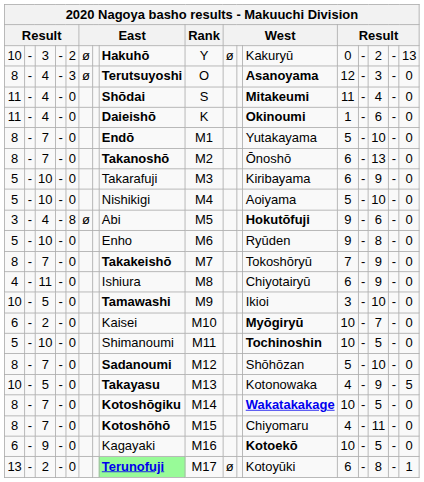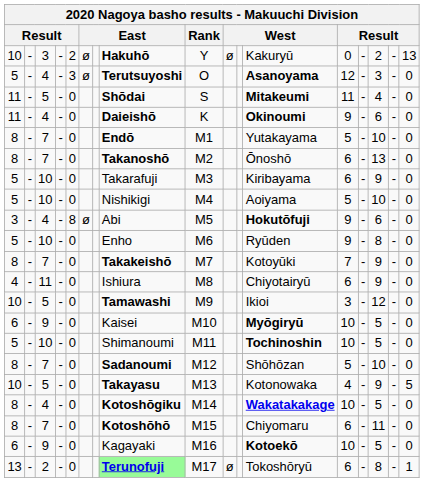 <table class="wikitable">
 <tr>
 <th colspan="17">2020 Nagoya basho results  - Makuuchi Division</th>
 </tr>
 <tr>
 <th colspan="5">Result</th>
 <th colspan="3">East</th>
 <th>Rank</th>
 <th colspan="3">West</th>
 <th colspan="5">Result</th>
 </tr>
 <tr>
 <td align=center>10</td>
 <td align=center>-</td>
 <td align=center>3</td>
 <td align=center>-</td>
 <td align=center>2</td>
 <td align=center>ø</td>
 <td align=center></td>
 <td><strong>Hakuhō</strong></td>
 <td align=center>Y</td>
 <td align=center>ø</td>
 <td align=center></td>
 <td>Kakuryū</td>
 <td align=center>0</td>
 <td align=center>-</td>
 <td align=center>2</td>
 <td align=center>-</td>
 <td align=center>13</td>
 </tr>
 <tr>
-<td align=center>8</td>
+<td align=center>5</td>
 <td align=center>-</td>
 <td align=center>4</td>
 <td align=center>-</td>
 <td align=center>3</td>
 <td align=center>ø</td>
 <td align=center></td>
 <td><strong>Terutsuyoshi</strong></td>
 <td align=center>O</td>
 <td align=center></td>
 <td align=center></td>
 <td><strong>Asanoyama</strong></td>
 <td align=center>12</td>
 <td align=center>-</td>
 <td align=center>3</td>
 <td align=center>-</td>
 <td align=center>0</td>
 </tr>
 <tr>
 <td align=center>11</td>
 <td align=center>-</td>
-<td align=center>4</td>
+<td align=center>5</td>
 <td align=center>-</td>
 <td align=center>0</td>
 <td align=center></td>
 <td align=center></td>
 <td><strong>Shōdai</strong></td>
 <td align=center>S</td>
 <td align=center></td>
 <td align=center></td>
 <td><strong>Mitakeumi</strong></td>
 <td align=center>11</td>
 <td align=center>-</td>
 <td align=center>4</td>
 <td align=center>-</td>
 <td align=center>0</td>
 </tr>
 <tr>
 <td align=center>11</td>
 <td align=center>-</td>
 <td align=center>4</td>
 <td align=center>-</td>
 <td align=center>0</td>
 <td align=center></td>
 <td align=center></td>
 <td><strong>Daieishō</strong></td>
 <td align=center>K</td>
 <td align=center></td>
 <td align=center></td>
 <td><strong>Okinoumi</strong></td>
-<td align=center>1</td>
+<td align=center>9</td>
 <td align=center>-</td>
 <td align=center>6</td>
 <td align=center>-</td>
 <td align=center>0</td>
 </tr>
 <tr>
 <td align=center>8</td>
 <td align=center>-</td>
 <td align=center>7</td>
 <td align=center>-</td>
 <td align=center>0</td>
 <td align=center></td>
 <td align=center></td>
 <td><strong>Endō</strong></td>
 <td align=center>M1</td>
 <td align=center></td>
 <td align=center></td>
 <td>Yutakayama</td>
 <td align=center>5</td>
 <td align=center>-</td>
 <td align=center>10</td>
 <td align=center>-</td>
 <td align=center>0</td>
 </tr>
 <tr>
 <td align=center>8</td>
 <td align=center>-</td>
 <td align=center>7</td>
 <td align=center>-</td>
 <td align=center>0</td>
 <td align=center></td>
 <td align=center></td>
 <td><strong>Takanoshō</strong></td>
 <td align=center>M2</td>
 <td align=center></td>
 <td align=center></td>
 <td>Ōnoshō</td>
 <td align=center>6</td>
 <td align=center>-</td>
 <td align=center>13</td>
 <td align=center>-</td>
 <td align=center>0</td>
 </tr>
 <tr>
 <td align=center>5</td>
 <td align=center>-</td>
 <td align=center>10</td>
 <td align=center>-</td>
 <td align=center>0</td>
 <td align=center></td>
 <td align=center></td>
 <td>Takarafuji</td>
 <td align=center>M3</td>
 <td align=center></td>
 <td align=center></td>
 <td>Kiribayama</td>
 <td align=center>6</td>
 <td align=center>-</td>
 <td align=center>9</td>
 <td align=center>-</td>
 <td align=center>0</td>
 </tr>
 <tr>
 <td align=center>5</td>
 <td align=center>-</td>
 <td align=center>10</td>
 <td align=center>-</td>
 <td align=center>0</td>
 <td align=center></td>
 <td align=center></td>
 <td>Nishikigi</td>
 <td align=center>M4</td>
 <td align=center></td>
 <td align=center></td>
 <td>Aoiyama</td>
 <td align=center>5</td>
 <td align=center>-</td>
 <td align=center>10</td>
 <td align=center>-</td>
 <td align=center>0</td>
 </tr>
 <tr>
 <td align=center>3</td>
 <td align=center>-</td>
 <td align=center>4</td>
 <td align=center>-</td>
 <td align=center>8</td>
 <td align=center>ø</td>
 <td align=center></td>
 <td>Abi</td>
 <td align=center>M5</td>
 <td align=center></td>
 <td align=center></td>
 <td><strong>Hokutōfuji</strong></td>
 <td align=center>9</td>
 <td align=center>-</td>
 <td align=center>6</td>
 <td align=center>-</td>
 <td align=center>0</td>
 </tr>
 <tr>
 <td align=center>5</td>
 <td align=center>-</td>
 <td align=center>10</td>
 <td align=center>-</td>
 <td align=center>0</td>
 <td align=center></td>
 <td align=center></td>
 <td>Enho</td>
 <td align=center>M6</td>
 <td align=center></td>
 <td align=center></td>
 <td>Ryūden</td>
 <td align=center>9</td>
 <td align=center>-</td>
 <td align=center>8</td>
 <td align=center>-</td>
 <td align=center>0</td>
 </tr>
 <tr>
 <td align=center>8</td>
 <td align=center>-</td>
 <td align=center>7</td>
 <td align=center>-</td>
 <td align=center>0</td>
 <td align=center></td>
 <td align=center></td>
 <td><strong>Takakeishō</strong></td>
 <td align=center>M7</td>
 <td align=center></td>
 <td align=center></td>
-<td>Tokoshōryū</td>
+<td>Kotoyūki</td>
 <td align=center>7</td>
 <td align=center>-</td>
 <td align=center>9</td>
 <td align=center>-</td>
 <td align=center>0</td>
 </tr>
 <tr>
 <td align=center>4</td>
 <td align=center>-</td>
 <td align=center>11</td>
 <td align=center>-</td>
 <td align=center>0</td>
 <td align=center></td>
 <td align=center></td>
 <td>Ishiura</td>
 <td align=center>M8</td>
 <td align=center></td>
 <td align=center></td>
 <td>Chiyotairyū</td>
 <td align=center>6</td>
 <td align=center>-</td>
 <td align=center>9</td>
 <td align=center>-</td>
 <td align=center>0</td>
 </tr>
 <tr>
 <td align=center>10</td>
 <td align=center>-</td>
 <td align=center>5</td>
 <td align=center>-</td>
 <td align=center>0</td>
 <td align=center></td>
 <td align=center></td>
 <td><strong>Tamawashi</strong></td>
 <td align=center>M9</td>
 <td align=center></td>
 <td align=center></td>
 <td>Ikioi</td>
 <td align=center>3</td>
 <td align=center>-</td>
-<td align=center>10</td>
+<td align=center>12</td>
 <td align=center>-</td>
 <td align=center>0</td>
 </tr>
 <tr>
 <td align=center>6</td>
 <td align=center>-</td>
-<td align=center>2</td>
+<td align=center>9</td>
 <td align=center>-</td>
 <td align=center>0</td>
 <td align=center></td>
 <td align=center></td>
 <td>Kaisei</td>
 <td align=center>M10</td>
 <td align=center></td>
 <td align=center></td>
 <td><strong>Myōgiryū</strong></td>
 <td align=center>10</td>
 <td align=center>-</td>
-<td align=center>7</td>
+<td align=center>5</td>
 <td align=center>-</td>
 <td align=center>0</td>
 </tr>
 <tr>
 <td align=center>5</td>
 <td align=center>-</td>
 <td align=center>10</td>
 <td align=center>-</td>
 <td align=center>0</td>
 <td align=center></td>
 <td align=center></td>
 <td>Shimanoumi</td>
 <td align=center>M11</td>
 <td align=center></td>
 <td align=center></td>
 <td><strong>Tochinoshin</strong></td>
 <td align=center>10</td>
 <td align=center>-</td>
 <td align=center>5</td>
 <td align=center>-</td>
 <td align=center>0</td>
 </tr>
 <tr>
 <td align=center>8</td>
 <td align=center>-</td>
 <td align=center>7</td>
 <td align=center>-</td>
 <td align=center>0</td>
 <td align=center></td>
 <td align=center></td>
 <td><strong>Sadanoumi</strong></td>
 <td align=center>M12</td>
 <td align=center></td>
 <td align=center></td>
 <td>Shōhōzan</td>
 <td align=center>5</td>
 <td align=center>-</td>
 <td align=center>10</td>
 <td align=center>-</td>
 <td align=center>0</td>
 </tr>
 <tr>
 <td align=center>10</td>
 <td align=center>-</td>
 <td align=center>5</td>
 <td align=center>-</td>
 <td align=center>0</td>
 <td align=center></td>
 <td align=center></td>
 <td><strong>Takayasu</strong></td>
 <td align=center>M13</td>
 <td align=center></td>
 <td align=center></td>
 <td>Kotonowaka</td>
 <td align=center>4</td>
 <td align=center>-</td>
 <td align=center>9</td>
 <td align=center>-</td>
 <td align=center>5</td>
 </tr>
 <tr>
 <td align=center>8</td>
 <td align=center>-</td>
-<td align=center>7</td>
+<td align=center>4</td>
 <td align=center>-</td>
 <td align=center>0</td>
 <td align=center></td>
 <td align=center></td>
 <td><strong>Kotoshōgiku</strong></td>
 <td align=center>M14</td>
 <td align=center></td>
 <td align=center></td>
 <td><strong><a href='#'>Wakatakakage</a></strong></td>
 <td align=center>10</td>
 <td align=center>-</td>
 <td align=center>5</td>
 <td align=center>-</td>
 <td align=center>0</td>
 </tr>
 <tr>
 <td align=center>8</td>
 <td align=center>-</td>
 <td align=center>7</td>
 <td align=center>-</td>
 <td align=center>0</td>
 <td align=center></td>
 <td align=center></td>
 <td><strong>Kotoshōhō</strong></td>
 <td align=center>M15</td>
 <td align=center></td>
 <td align=center></td>
 <td>Chiyomaru</td>
-<td align=center>4</td>
+<td align=center>6</td>
 <td align=center>-</td>
 <td align=center>11</td>
 <td align=center>-</td>
 <td align=center>0</td>
 </tr>
 <tr>
 <td align=center>6</td>
 <td align=center>-</td>
 <td align=center>9</td>
 <td align=center>-</td>
 <td align=center>0</td>
 <td align=center></td>
 <td align=center></td>
 <td>Kagayaki</td>
 <td align=center>M16</td>
 <td align=center></td>
 <td align=center></td>
 <td><strong>Kotoekō</strong></td>
 <td align=center>10</td>
 <td align=center>-</td>
 <td align=center>5</td>
 <td align=center>-</td>
 <td align=center>0</td>
 </tr>
 <tr>
 <td align=center>13</td>
 <td align=center>-</td>
 <td align=center>2</td>
 <td align=center>-</td>
 <td align=center>0</td>
 <td align=center></td>
 <td align=center></td>
 <td style="background: PaleGreen;"><strong><a href='#'>Terunofuji</a></strong></td>
 <td align=center>M17</td>
 <td align=center>ø</td>
 <td align=center></td>
-<td>Kotoyūki</td>
+<td>Tokoshōryū</td>
 <td align=center>6</td>
 <td align=center>-</td>
 <td align=center>8</td>
 <td align=center>-</td>
 <td align=center>1</td>
 </tr>
 </table>
